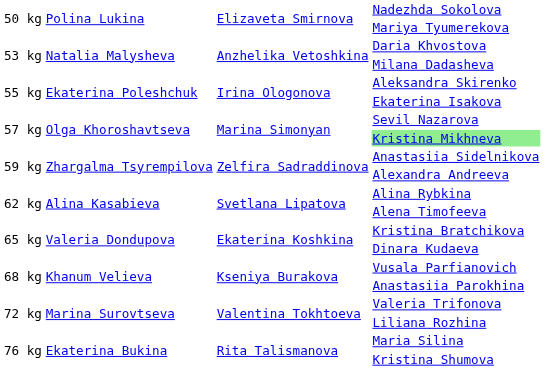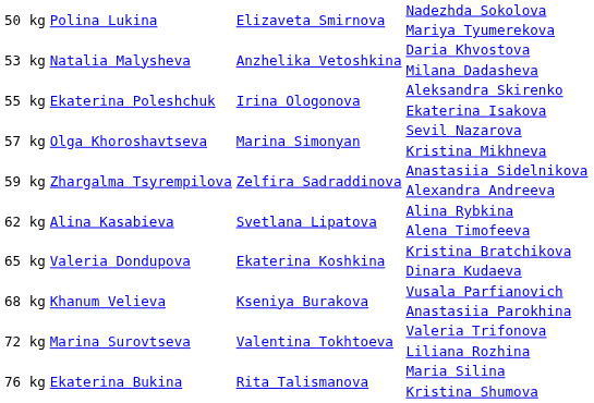 <table>
 <tr>
 <td rowspan=2>50 kg<br></td>
 <td rowspan=2> <a href='#'>Polina Lukina</a></td>
 <td rowspan=2> <a href='#'>Elizaveta Smirnova</a></td>
 <td> <a href='#'>Nadezhda Sokolova</a></td>
 </tr>
 <tr>
 <td> <a href='#'>Mariya Tyumerekova</a></td>
 </tr>
 <tr>
 <td rowspan=2>53 kg<br></td>
 <td rowspan=2> <a href='#'>Natalia Malysheva</a></td>
 <td rowspan=2> <a href='#'>Anzhelika Vetoshkina</a></td>
 <td> <a href='#'>Daria Khvostova</a></td>
 </tr>
 <tr>
 <td> <a href='#'>Milana Dadasheva</a></td>
 </tr>
 <tr>
 <td rowspan=2>55 kg<br></td>
 <td rowspan=2> <a href='#'>Ekaterina Poleshchuk</a></td>
 <td rowspan=2> <a href='#'>Irina Ologonova</a></td>
 <td> <a href='#'>Aleksandra Skirenko</a></td>
 </tr>
 <tr>
 <td> <a href='#'>Ekaterina Isakova</a></td>
 </tr>
 <tr>
 <td rowspan=2>57 kg<br></td>
 <td rowspan=2> <a href='#'>Olga Khoroshavtseva</a></td>
 <td rowspan=2> <a href='#'>Marina Simonyan</a></td>
 <td> <a href='#'>Sevil Nazarova</a></td>
 </tr>
 <tr>
-<td style="background: lightgreen;"> <a href='#'>Kristina Mikhneva</a></td>
+<td> <a href='#'>Kristina Mikhneva</a></td>
 </tr>
 <tr>
 <td rowspan=2>59 kg<br></td>
 <td rowspan=2> <a href='#'>Zhargalma Tsyrempilova</a></td>
 <td rowspan=2> <a href='#'>Zelfira Sadraddinova</a></td>
 <td> <a href='#'>Anastasiia Sidelnikova</a></td>
 </tr>
 <tr>
 <td> <a href='#'>Alexandra Andreeva</a></td>
 </tr>
 <tr>
 <td rowspan=2>62 kg<br></td>
 <td rowspan=2> <a href='#'>Alina Kasabieva</a></td>
 <td rowspan=2> <a href='#'>Svetlana Lipatova</a></td>
 <td> <a href='#'>Alina Rybkina</a></td>
 </tr>
 <tr>
 <td> <a href='#'>Alena Timofeeva</a></td>
 </tr>
 <tr>
 <td rowspan=2>65 kg<br></td>
 <td rowspan=2> <a href='#'>Valeria Dondupova</a></td>
 <td rowspan=2> <a href='#'>Ekaterina Koshkina</a></td>
 <td> <a href='#'>Kristina Bratchikova</a></td>
 </tr>
 <tr>
 <td> <a href='#'>Dinara Kudaeva</a></td>
 </tr>
 <tr>
 <td rowspan=2>68 kg<br></td>
 <td rowspan=2> <a href='#'>Khanum Velieva</a></td>
 <td rowspan=2> <a href='#'>Kseniya Burakova</a></td>
 <td> <a href='#'>Vusala Parfianovich</a></td>
 </tr>
 <tr>
 <td> <a href='#'>Anastasiia Parokhina</a></td>
 </tr>
 <tr>
 <td rowspan=2>72 kg<br></td>
 <td rowspan=2> <a href='#'>Marina Surovtseva</a></td>
 <td rowspan=2> <a href='#'>Valentina Tokhtoeva</a></td>
 <td> <a href='#'>Valeria Trifonova</a></td>
 </tr>
 <tr>
 <td> <a href='#'>Liliana Rozhina</a></td>
 </tr>
 <tr>
 <td rowspan=2>76 kg<br></td>
 <td rowspan=2> <a href='#'>Ekaterina Bukina</a></td>
 <td rowspan=2> <a href='#'>Rita Talismanova</a></td>
 <td> <a href='#'>Maria Silina</a></td>
 </tr>
 <tr>
 <td> <a href='#'>Kristina Shumova</a></td>
 </tr>
 </table>
